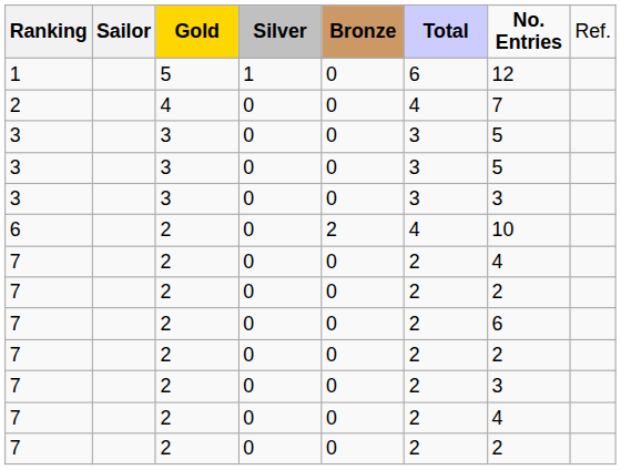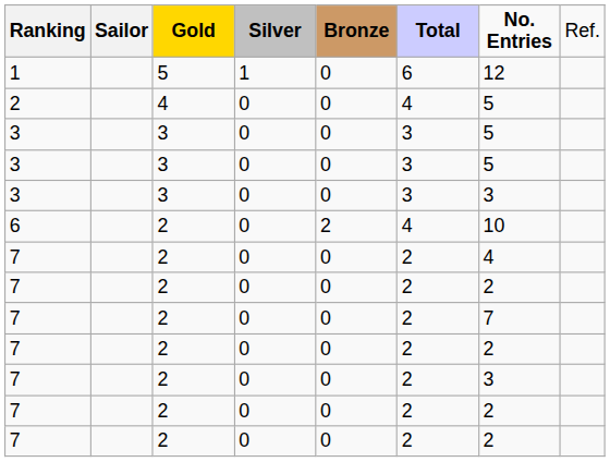 <table class="wikitable sortable">
 <tr>
 <th align=center><strong>Ranking</strong></th>
 <th align=center><strong>Sailor</strong></th>
 <td style="background:gold; width:60px; text-align:center;"><strong>Gold</strong></td>
 <td style="background:silver; width:60px; text-align:center;"><strong>Silver</strong></td>
 <td style="background:#c96; width:60px; text-align:center;"><strong>Bronze</strong></td>
 <td style="background:#ccf; width:60px; text-align:center;"><strong>Total</strong></td>
 <td style="width:60px; text-align:center;"><strong>No. Entries</strong></td>
 <td>Ref.</td>
 </tr>
 <tr>
 <td>1</td>
 <td></td>
 <td>5</td>
 <td>1</td>
 <td>0</td>
 <td>6</td>
 <td>12</td>
 <td></td>
 </tr>
 <tr>
 <td>2</td>
 <td></td>
 <td>4</td>
 <td>0</td>
 <td>0</td>
 <td>4</td>
-<td>7</td>
+<td>5</td>
 <td></td>
 </tr>
 <tr>
 <td>3</td>
 <td></td>
 <td>3</td>
 <td>0</td>
 <td>0</td>
 <td>3</td>
 <td>5</td>
 <td></td>
 </tr>
 <tr>
 <td>3</td>
 <td></td>
 <td>3</td>
 <td>0</td>
 <td>0</td>
 <td>3</td>
 <td>5</td>
 <td></td>
 </tr>
 <tr>
 <td>3</td>
 <td></td>
 <td>3</td>
 <td>0</td>
 <td>0</td>
 <td>3</td>
 <td>3</td>
 <td></td>
 </tr>
 <tr>
 <td>6</td>
 <td></td>
 <td>2</td>
 <td>0</td>
 <td>2</td>
 <td>4</td>
 <td>10</td>
 <td></td>
 </tr>
 <tr>
 <td>7</td>
 <td></td>
 <td>2</td>
 <td>0</td>
 <td>0</td>
 <td>2</td>
 <td>4</td>
 <td></td>
 </tr>
 <tr>
 <td>7</td>
 <td></td>
 <td>2</td>
 <td>0</td>
 <td>0</td>
 <td>2</td>
 <td>2</td>
 <td></td>
 </tr>
 <tr>
 <td>7</td>
 <td></td>
 <td>2</td>
 <td>0</td>
 <td>0</td>
 <td>2</td>
-<td>6</td>
+<td>7</td>
 <td></td>
 </tr>
 <tr>
 <td>7</td>
 <td></td>
 <td>2</td>
 <td>0</td>
 <td>0</td>
 <td>2</td>
 <td>2</td>
 <td></td>
 </tr>
 <tr>
 <td>7</td>
 <td></td>
 <td>2</td>
 <td>0</td>
 <td>0</td>
 <td>2</td>
 <td>3</td>
 <td></td>
 </tr>
 <tr>
 <td>7</td>
 <td></td>
 <td>2</td>
 <td>0</td>
 <td>0</td>
 <td>2</td>
-<td>4</td>
+<td>2</td>
 <td></td>
 </tr>
 <tr>
 <td>7</td>
 <td></td>
 <td>2</td>
 <td>0</td>
 <td>0</td>
 <td>2</td>
 <td>2</td>
 <td></td>
 </tr>
 </table>
